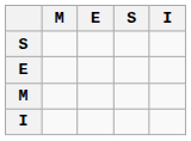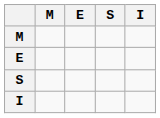 <table class=wikitable style=text-align:center>
 <tr>
 <th></th>
 <th> M </th>
 <th> E </th>
 <th> S </th>
 <th> I </th>
 </tr>
 <tr>
-<th> S </th>
+<th> M </th>
 <td></td>
 <td></td>
 <td></td>
 <td></td>
 </tr>
 <tr>
 <th> E </th>
 <td></td>
 <td></td>
 <td></td>
 <td></td>
 </tr>
 <tr>
-<th> M </th>
+<th> S </th>
 <td></td>
 <td></td>
 <td></td>
 <td></td>
 </tr>
 <tr>
 <th> I </th>
 <td></td>
 <td></td>
 <td></td>
 <td></td>
 </tr>
 </table>
